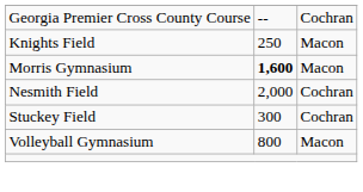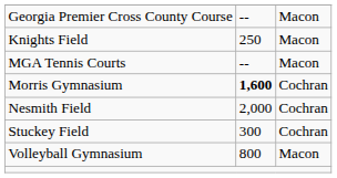 <table class="wikitable" center; clear:right; margin:0 0 1em 1em;">
 <tr>
 </tr>
 <tr>
 <td>Georgia Premier Cross County Course</td>
 <td>--</td>
-<td>Cochran</td>
+<td>Macon</td>
 </tr>
 <tr>
 <td>Knights Field</td>
 <td>250</td>
 <td>Macon</td>
 </tr>
 <tr>
+<td>MGA Tennis Courts</td>
+<td>--</td>
+<td>Macon</td>
+</tr>
+<tr>
 <td>Morris Gymnasium</td>
 <td><strong>1,600</strong></td>
-<td>Macon</td>
+<td>Cochran</td>
 </tr>
 <tr>
 <td>Nesmith Field</td>
 <td>2,000</td>
 <td>Cochran</td>
 </tr>
 <tr>
 <td>Stuckey Field</td>
 <td>300</td>
 <td>Cochran</td>
 </tr>
 <tr>
 <td>Volleyball Gymnasium</td>
 <td>800</td>
 <td>Macon</td>
 </tr>
 <tr>
 <td colspan="3"></td>
 </tr>
 </table>
